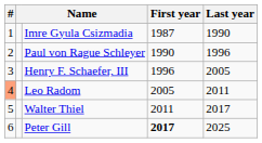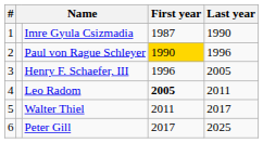 <table class="wikitable sortable">
 <tr>
 <th>#</th>
 <th colspan=2>Name</th>
 <th>First year</th>
 <th>Last year</th>
 </tr>
 <tr>
 <td>1</td>
 <td></td>
 <td><a href='#'>Imre Gyula Csizmadia</a></td>
 <td>1987</td>
 <td>1990</td>
 </tr>
 <tr>
 <td>2</td>
 <td></td>
 <td><a href='#'>Paul von Rague Schleyer</a></td>
-<td>1990</td>
+<td style="background: gold;">1990</td>
 <td>1996</td>
 </tr>
 <tr>
 <td>3</td>
 <td></td>
 <td><a href='#'>Henry F. Schaefer, III</a></td>
 <td>1996</td>
 <td>2005</td>
 </tr>
 <tr>
-<td style="background: lightsalmon;">4</td>
+<td>4</td>
 <td></td>
 <td><a href='#'>Leo Radom</a></td>
-<td>2005</td>
+<td><strong>2005</strong></td>
 <td>2011</td>
 </tr>
 <tr>
 <td>5</td>
 <td></td>
 <td><a href='#'>Walter Thiel</a></td>
 <td>2011</td>
 <td>2017</td>
 </tr>
 <tr>
 <td>6</td>
 <td></td>
 <td><a href='#'>Peter Gill</a></td>
-<td><strong>2017</strong></td>
+<td>2017</td>
 <td>2025</td>
 </tr>
 </table>
